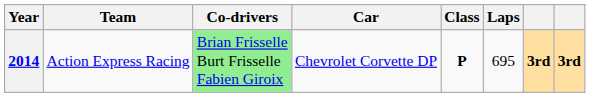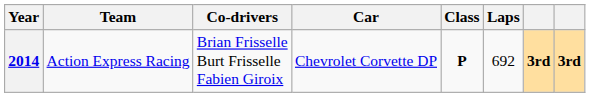 <table class="wikitable" style="font-size:85%; text-align:center">
 <tr>
 <th>Year</th>
 <th>Team</th>
 <th>Co-drivers</th>
 <th>Car</th>
 <th>Class</th>
 <th>Laps</th>
 <th></th>
 <th></th>
 </tr>
 <tr>
 <th><a href='#'>2014</a></th>
 <td align="left" nowrap> <a href='#'>Action Express Racing</a></td>
-<td align="left" nowrap style="background: lightgreen;"> <a href='#'>Brian Frisselle</a><br> Burt Frisselle<br> <a href='#'>Fabien Giroix</a></td>
+<td align="left" nowrap> <a href='#'>Brian Frisselle</a><br> Burt Frisselle<br> <a href='#'>Fabien Giroix</a></td>
 <td align="left" nowrap><a href='#'>Chevrolet Corvette DP</a></td>
 <td><strong>P</strong></td>
-<td>695</td>
+<td>692</td>
 <td style="background:#ffdf9f"><strong>3rd</strong></td>
 <td style="background:#ffdf9f"><strong>3rd</strong></td>
 </tr>
 </table>
